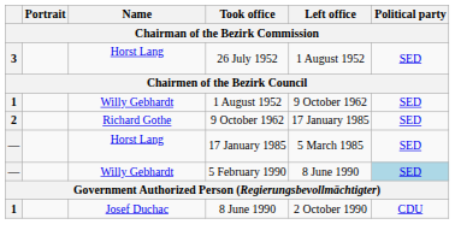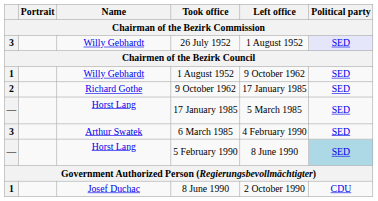 <table class="wikitable" style="text-align:center">
 <tr>
 <th></th>
 <th>Portrait</th>
 <th width=180>Name<br></th>
 <th>Took office</th>
 <th>Left office</th>
 <th>Political party</th>
 </tr>
 <tr>
 <th colspan=6>Chairman of the Bezirk Commission</th>
 </tr>
 <tr>
 <th style="background:">3</th>
 <td></td>
-<td><a href='#'>Horst Lang</a><br><br></td>
+<td><a href='#'>Willy Gebhardt</a><br></td>
 <td>26 July 1952</td>
 <td>1 August 1952</td>
-<td><a href='#'>SED</a></td>
+<td style="background: lavender;"><a href='#'>SED</a></td>
 </tr>
 <tr>
 <th colspan=6>Chairmen of the Bezirk Council</th>
 </tr>
 <tr>
 <th style="background:">1</th>
 <td></td>
 <td><a href='#'>Willy Gebhardt</a><br></td>
 <td>1 August 1952</td>
 <td>9 October 1962</td>
 <td><a href='#'>SED</a></td>
 </tr>
 <tr>
 <th style="background:">2</th>
 <td></td>
 <td><a href='#'>Richard Gothe</a><br></td>
 <td>9 October 1962</td>
 <td>17 January 1985</td>
 <td><a href='#'>SED</a></td>
 </tr>
 <tr>
 <th style="background:">—</th>
 <td></td>
 <td><a href='#'>Horst Lang</a><br><br></td>
 <td>17 January 1985</td>
 <td>5 March 1985</td>
 <td><a href='#'>SED</a></td>
 </tr>
 <tr>
+<th style="background:">3</th>
+<td></td>
+<td><a href='#'>Arthur Swatek</a><br></td>
+<td>6 March 1985</td>
+<td>4 February 1990</td>
+<td><a href='#'>SED</a></td>
+</tr>
+<tr>
 <th style="background:">—</th>
 <td></td>
-<td><a href='#'>Willy Gebhardt</a><br></td>
+<td><a href='#'>Horst Lang</a><br><br></td>
 <td>5 February 1990</td>
 <td>8 June 1990</td>
 <td style="background: lightblue;"><a href='#'>SED</a></td>
 </tr>
 <tr>
 <th colspan=6>Government Authorized Person (<em>Regierungsbevollmächtigter</em>)</th>
 </tr>
 <tr>
 <th style="background:">1</th>
 <td></td>
 <td><a href='#'>Josef Duchac</a><br></td>
 <td>8 June 1990</td>
 <td>2 October 1990</td>
 <td><a href='#'>CDU</a></td>
 </tr>
 </table>
